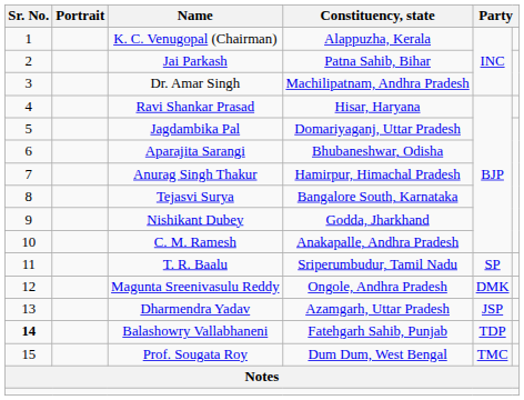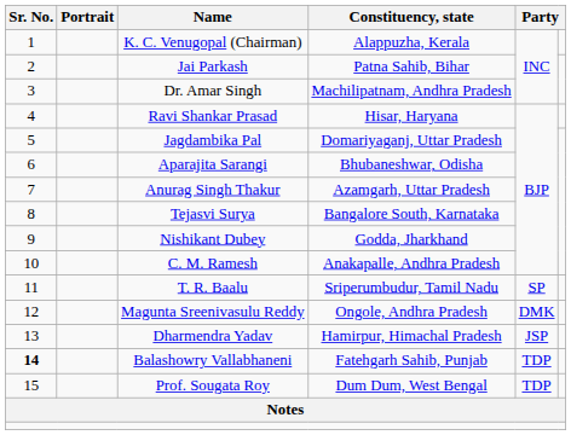 <table class="wikitable">
 <tr>
 <th>Sr. No.</th>
 <th>Portrait</th>
 <th>Name</th>
 <th>Constituency, state</th>
 <th colspan="2">Party</th>
 </tr>
 <tr align=center>
 <td>1</td>
 <td></td>
 <td><a href='#'>K. C. Venugopal</a> (Chairman)</td>
 <td><a href='#'>Alappuzha, Kerala</a></td>
 <td rowspan="3"><a href='#'>INC</a></td>
 <td></td>
 </tr>
 <tr align=center>
 <td>2</td>
 <td></td>
 <td><a href='#'>Jai Parkash</a></td>
 <td><a href='#'>Patna Sahib, Bihar</a></td>
 </tr>
 <tr align=center>
 <td>3</td>
 <td></td>
 <td>Dr. Amar Singh</td>
 <td><a href='#'>Machilipatnam, Andhra Pradesh</a></td>
 </tr>
 <tr align=center>
 <td>4</td>
 <td></td>
 <td><a href='#'>Ravi Shankar Prasad</a></td>
 <td><a href='#'>Hisar, Haryana</a></td>
 <td rowspan="7"><a href='#'>BJP</a></td>
 <td></td>
 </tr>
 <tr align=center>
 <td>5</td>
 <td></td>
 <td><a href='#'>Jagdambika Pal</a></td>
 <td><a href='#'>Domariyaganj, Uttar Pradesh</a></td>
 </tr>
 <tr align=center>
 <td>6</td>
 <td></td>
 <td><a href='#'>Aparajita Sarangi</a></td>
 <td><a href='#'>Bhubaneshwar, Odisha</a></td>
 </tr>
 <tr align=center>
 <td>7</td>
 <td></td>
 <td><a href='#'>Anurag Singh Thakur</a></td>
-<td><a href='#'>Hamirpur, Himachal Pradesh</a></td>
+<td><a href='#'>Azamgarh, Uttar Pradesh</a></td>
 </tr>
 <tr align=center>
 <td>8</td>
 <td></td>
 <td><a href='#'>Tejasvi Surya</a></td>
 <td><a href='#'>Bangalore South, Karnataka</a></td>
 </tr>
 <tr align=center>
 <td>9</td>
 <td></td>
 <td><a href='#'>Nishikant Dubey</a></td>
 <td><a href='#'>Godda, Jharkhand</a></td>
 </tr>
 <tr align=center>
 <td>10</td>
 <td></td>
 <td><a href='#'>C. M. Ramesh</a></td>
 <td><a href='#'>Anakapalle, Andhra Pradesh</a></td>
 </tr>
 <tr align=center>
 <td>11</td>
 <td></td>
 <td><a href='#'>T. R. Baalu</a></td>
 <td><a href='#'>Sriperumbudur, Tamil Nadu</a></td>
 <td><a href='#'>SP</a></td>
 <td bgcolor=></td>
 </tr>
 <tr align=center>
 <td>12</td>
 <td></td>
 <td><a href='#'>Magunta Sreenivasulu Reddy</a></td>
 <td><a href='#'>Ongole, Andhra Pradesh</a></td>
 <td><a href='#'>DMK</a></td>
 <td bgcolor=></td>
 </tr>
 <tr align=center>
 <td>13</td>
 <td></td>
 <td><a href='#'>Dharmendra Yadav</a></td>
-<td><a href='#'>Azamgarh, Uttar Pradesh</a></td>
+<td><a href='#'>Hamirpur, Himachal Pradesh</a></td>
 <td><a href='#'>JSP</a></td>
 <td bgcolor=></td>
 </tr>
 <tr align=center>
 <td><strong>14</strong></td>
 <td></td>
 <td><a href='#'>Balashowry Vallabhaneni</a></td>
 <td><a href='#'>Fatehgarh Sahib, Punjab</a></td>
 <td><a href='#'>TDP</a></td>
 <td bgcolor=></td>
 </tr>
 <tr align=center>
 <td>15</td>
 <td></td>
 <td><a href='#'>Prof. Sougata Roy</a></td>
 <td><a href='#'>Dum Dum, West Bengal</a></td>
-<td><a href='#'>TMC</a></td>
+<td><a href='#'>TDP</a></td>
 <td></td>
 </tr>
 <tr>
 <th colspan="6">Notes</th>
 </tr>
 <tr>
 <td colspan="6"></td>
 </tr>
 </table>
